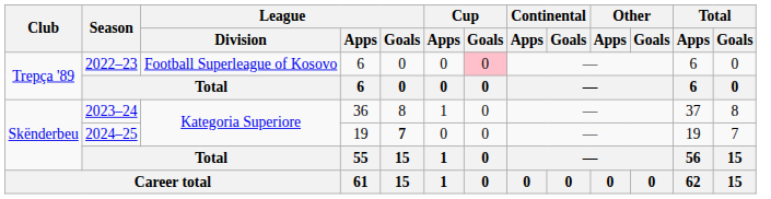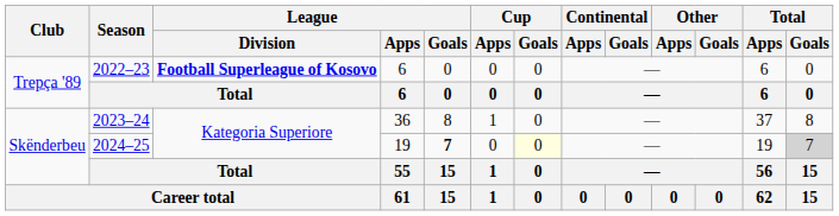 <table class="wikitable" style="text-align:center">
 <tr>
 <th rowspan="2">Club</th>
 <th rowspan="2">Season</th>
 <th colspan="3">League</th>
 <th colspan="2">Cup</th>
 <th colspan="2">Continental</th>
 <th colspan="2">Other</th>
 <th colspan="2">Total</th>
 </tr>
 <tr>
 <th>Division</th>
 <th>Apps</th>
 <th>Goals</th>
 <th>Apps</th>
 <th>Goals</th>
 <th>Apps</th>
 <th>Goals</th>
 <th>Apps</th>
 <th>Goals</th>
 <th>Apps</th>
 <th>Goals</th>
 </tr>
 <tr>
 <td rowspan="2" valign="center"><a href='#'>Trepça '89</a></td>
 <td><a href='#'>2022–23</a></td>
-<td rowspan="1"><a href='#'>Football Superleague of Kosovo</a></td>
+<td rowspan="1"><strong><a href='#'>Football Superleague of Kosovo</a></strong></td>
 <td>6</td>
 <td>0</td>
 <td>0</td>
-<td style="background: pink;">0</td>
+<td>0</td>
 <td colspan="4">—</td>
 <td>6</td>
 <td>0</td>
 </tr>
 <tr>
 <th colspan="2">Total</th>
 <th>6</th>
 <th>0</th>
 <th>0</th>
 <th>0</th>
 <th colspan="4">—</th>
 <th>6</th>
 <th>0</th>
 </tr>
 <tr>
 <td rowspan="3" valign="center"><a href='#'>Skënderbeu</a></td>
 <td><a href='#'>2023–24</a></td>
 <td rowspan="2"><a href='#'>Kategoria Superiore</a></td>
 <td>36</td>
 <td>8</td>
 <td>1</td>
 <td>0</td>
 <td colspan="4">—</td>
 <td>37</td>
 <td>8</td>
 </tr>
 <tr>
 <td><a href='#'>2024–25</a></td>
 <td>19</td>
 <td><strong>7</strong></td>
 <td>0</td>
-<td>0</td>
+<td style="background: lightyellow;">0</td>
 <td colspan="4">—</td>
 <td>19</td>
-<td>7</td>
+<td style="background: lightgrey;">7</td>
 </tr>
 <tr>
 <th colspan="2">Total</th>
 <th>55</th>
 <th>15</th>
 <th>1</th>
 <th>0</th>
 <th colspan="4">—</th>
 <th>56</th>
 <th>15</th>
 </tr>
 <tr>
 <th colspan="3">Career total</th>
 <th>61</th>
 <th>15</th>
 <th>1</th>
 <th>0</th>
 <th>0</th>
 <th>0</th>
 <th>0</th>
 <th>0</th>
 <th>62</th>
 <th>15</th>
 </tr>
 </table>
